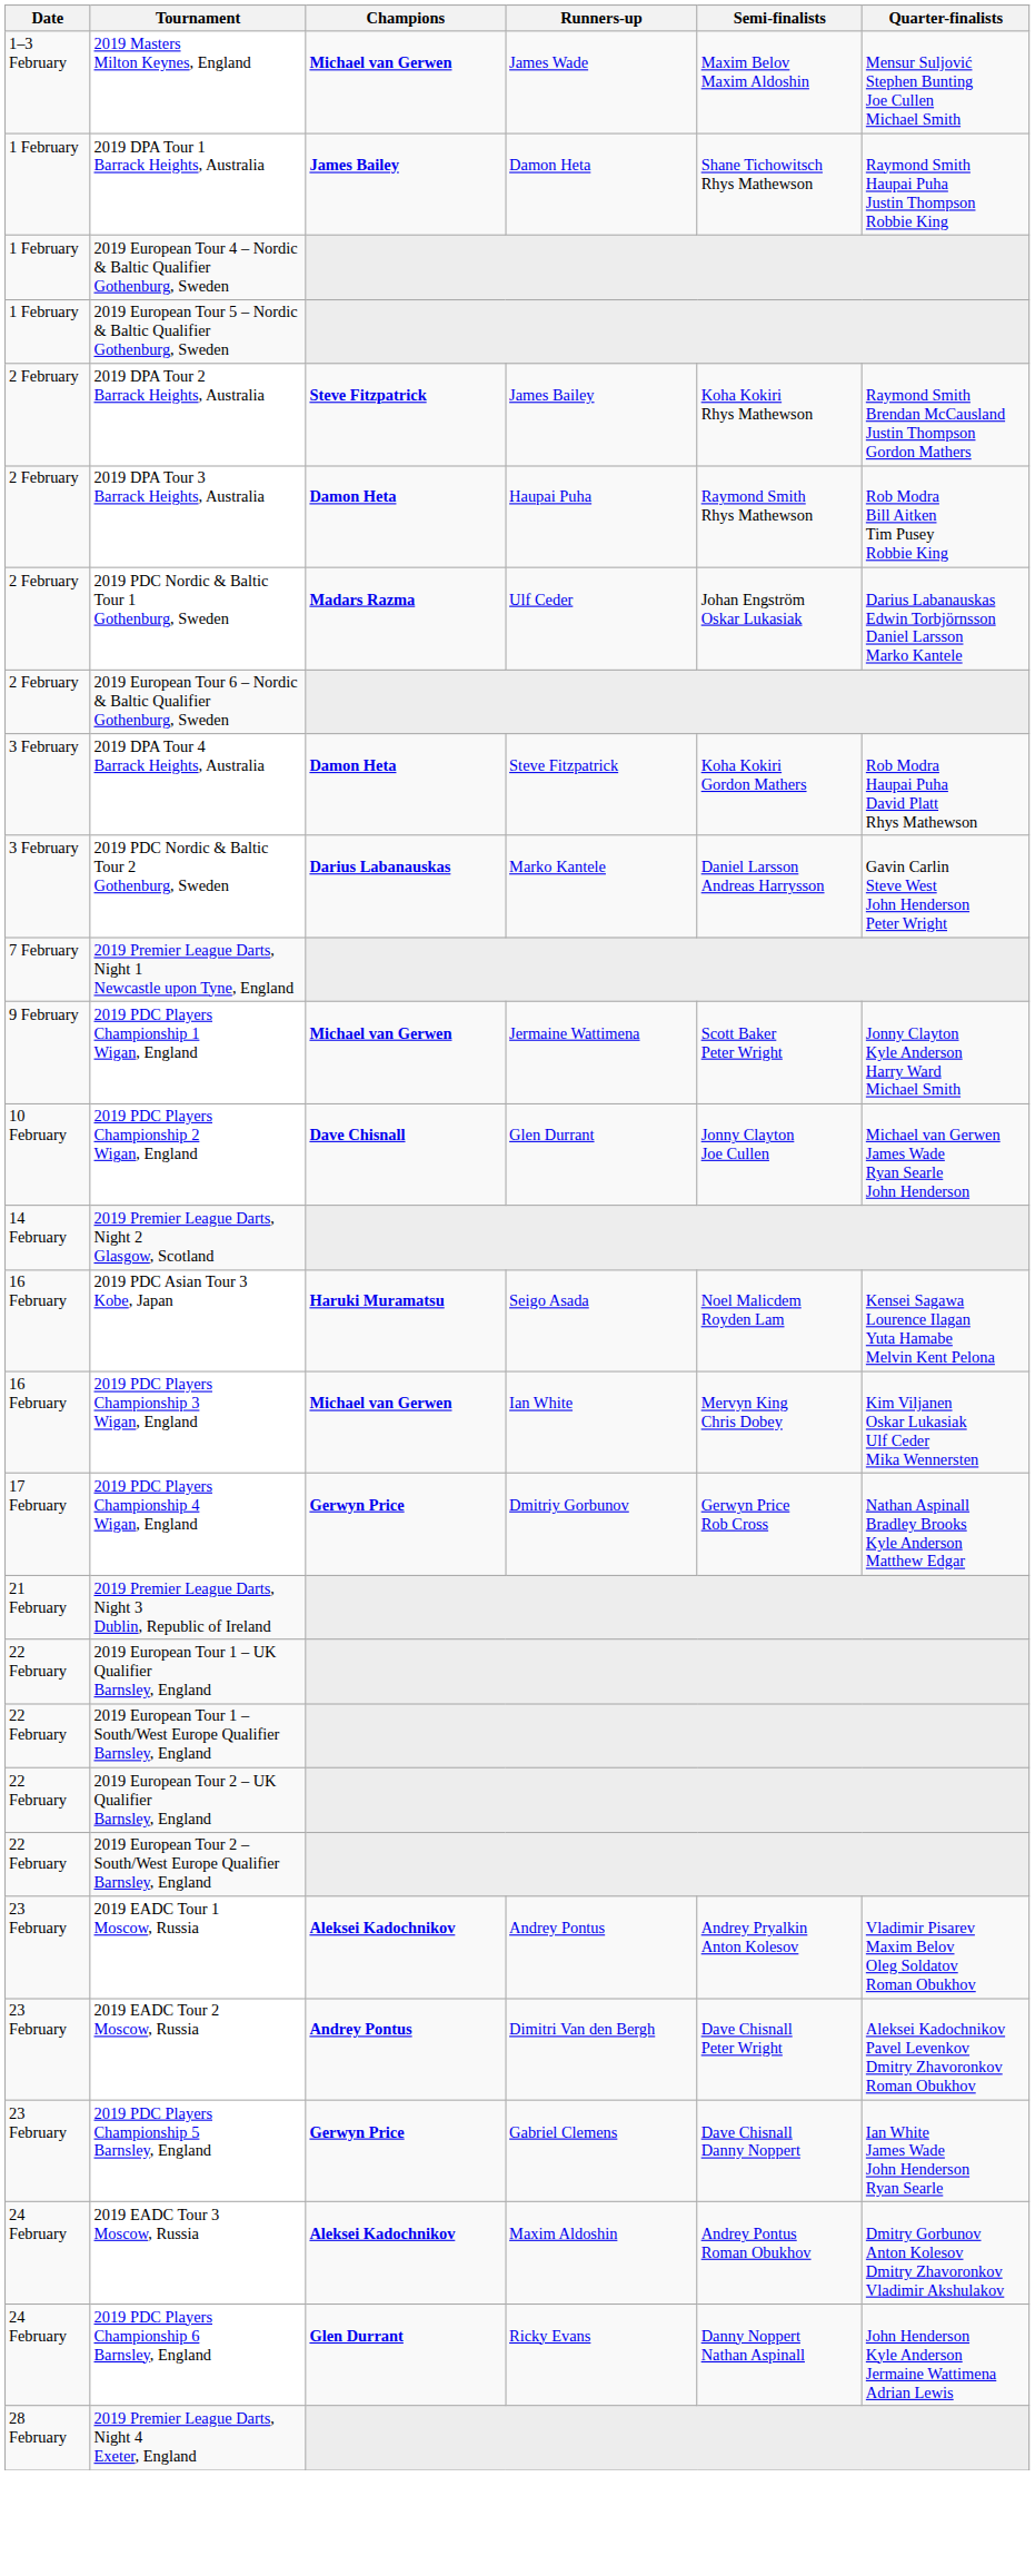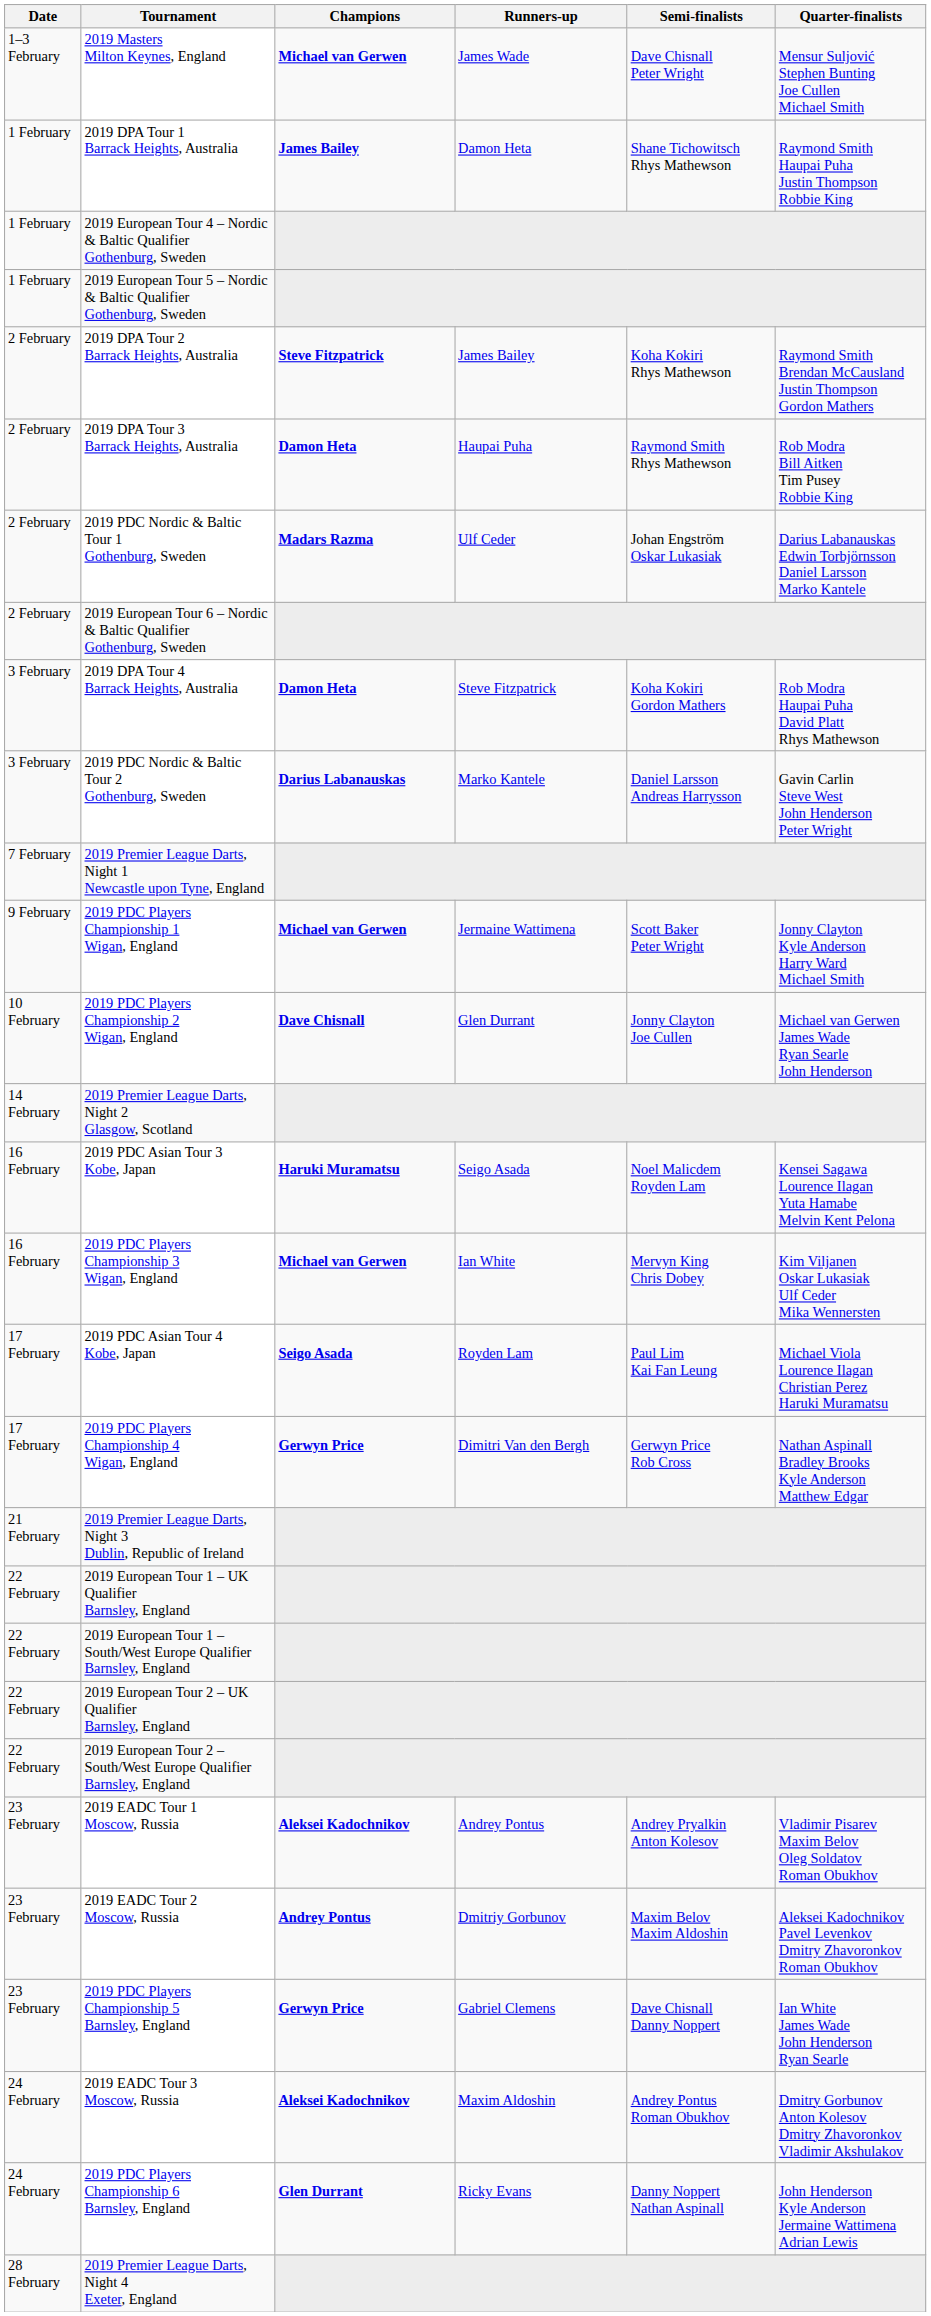 <table class=wikitable style=font-size:85%>
 <tr>
 <th width=75>Date</th>
 <th width=230>Tournament</th>
 <th width=210>Champions</th>
 <th width=210>Runners-up</th>
 <th width=170>Semi-finalists</th>
 <th width=170>Quarter-finalists</th>
 </tr>
 <tr valign="top">
 <td>1–3 February</td>
 <td bgcolor="#ffffff"><a href='#'>2019 Masters</a><br><a href='#'>Milton Keynes</a>, England</td>
 <td><br> <strong><a href='#'>Michael van Gerwen</a></strong></td>
 <td><br> <a href='#'>James Wade</a></td>
-<td><br> <a href='#'>Maxim Belov</a> <br>  <a href='#'>Maxim Aldoshin</a></td>
+<td><br> <a href='#'>Dave Chisnall</a> <br>  <a href='#'>Peter Wright</a></td>
 <td><br> <a href='#'>Mensur Suljović</a> <br>  <a href='#'>Stephen Bunting</a> <br>  <a href='#'>Joe Cullen</a> <br>  <a href='#'>Michael Smith</a></td>
 </tr>
 <tr valign="top">
 <td>1 February</td>
 <td bgcolor="#ffffff">2019 DPA Tour 1<br><a href='#'>Barrack Heights</a>, Australia</td>
 <td><br> <strong><a href='#'>James Bailey</a></strong></td>
 <td><br> <a href='#'>Damon Heta</a></td>
 <td><br> <a href='#'>Shane Tichowitsch</a> <br>  Rhys Mathewson</td>
 <td><br> <a href='#'>Raymond Smith</a> <br>  <a href='#'>Haupai Puha</a> <br>  <a href='#'>Justin Thompson</a> <br>  <a href='#'>Robbie King</a></td>
 </tr>
 <tr valign="top">
 <td rowspan=1>1 February</td>
 <td>2019 European Tour 4 – Nordic & Baltic Qualifier <br><a href='#'>Gothenburg</a>, Sweden</td>
 <td colspan=4 bgcolor="#ededed"></td>
 </tr>
 <tr valign="top">
 <td rowspan=1>1 February</td>
 <td>2019 European Tour 5 – Nordic & Baltic Qualifier <br><a href='#'>Gothenburg</a>, Sweden</td>
 <td colspan=4 bgcolor="#ededed"></td>
 </tr>
 <tr valign="top">
 <td>2 February</td>
 <td bgcolor="#ffffff">2019 DPA Tour 2<br><a href='#'>Barrack Heights</a>, Australia</td>
 <td><br> <strong><a href='#'>Steve Fitzpatrick</a></strong></td>
 <td><br> <a href='#'>James Bailey</a></td>
 <td><br> <a href='#'>Koha Kokiri</a> <br>  Rhys Mathewson</td>
 <td><br> <a href='#'>Raymond Smith</a> <br>  <a href='#'>Brendan McCausland</a> <br>  <a href='#'>Justin Thompson</a> <br>  <a href='#'>Gordon Mathers</a></td>
 </tr>
 <tr valign="top">
 <td>2 February</td>
 <td bgcolor="#ffffff">2019 DPA Tour 3<br><a href='#'>Barrack Heights</a>, Australia</td>
 <td><br> <strong><a href='#'>Damon Heta</a></strong></td>
 <td><br> <a href='#'>Haupai Puha</a></td>
 <td><br> <a href='#'>Raymond Smith</a> <br>  Rhys Mathewson</td>
 <td><br> <a href='#'>Rob Modra</a> <br>  <a href='#'>Bill Aitken</a> <br>  Tim Pusey <br>  <a href='#'>Robbie King</a></td>
 </tr>
 <tr valign="top">
 <td>2 February</td>
 <td bgcolor="#ffffff">2019 PDC Nordic & Baltic Tour 1<br><a href='#'>Gothenburg</a>, Sweden</td>
 <td><br> <strong><a href='#'>Madars Razma</a></strong></td>
 <td><br> <a href='#'>Ulf Ceder</a></td>
 <td><br> Johan Engström <br>  <a href='#'>Oskar Lukasiak</a></td>
 <td><br> <a href='#'>Darius Labanauskas</a> <br>  <a href='#'>Edwin Torbjörnsson</a> <br>  <a href='#'>Daniel Larsson</a> <br>  <a href='#'>Marko Kantele</a></td>
 </tr>
 <tr valign="top">
 <td rowspan=1>2 February</td>
 <td>2019 European Tour 6 – Nordic & Baltic Qualifier <br><a href='#'>Gothenburg</a>, Sweden</td>
 <td colspan=4 bgcolor="#ededed"></td>
 </tr>
 <tr valign="top">
 <td>3 February</td>
 <td bgcolor="#ffffff">2019 DPA Tour 4<br><a href='#'>Barrack Heights</a>, Australia</td>
 <td><br> <strong><a href='#'>Damon Heta</a></strong></td>
 <td><br> <a href='#'>Steve Fitzpatrick</a></td>
 <td><br> <a href='#'>Koha Kokiri</a> <br>  <a href='#'>Gordon Mathers</a></td>
 <td><br> <a href='#'>Rob Modra</a> <br>  <a href='#'>Haupai Puha</a> <br>  <a href='#'>David Platt</a> <br>  Rhys Mathewson</td>
 </tr>
 <tr valign="top">
 <td>3 February</td>
 <td bgcolor="#ffffff">2019 PDC Nordic & Baltic Tour 2<br><a href='#'>Gothenburg</a>, Sweden</td>
 <td><br> <strong><a href='#'>Darius Labanauskas</a></strong></td>
 <td><br> <a href='#'>Marko Kantele</a></td>
 <td><br> <a href='#'>Daniel Larsson</a> <br>  <a href='#'>Andreas Harrysson</a></td>
 <td><br> Gavin Carlin <br>  <a href='#'>Steve West</a> <br>  <a href='#'>John Henderson</a> <br>  <a href='#'>Peter Wright</a></td>
 </tr>
 <tr valign="top">
 <td rowspan=1>7 February</td>
 <td><a href='#'>2019 Premier League Darts</a>, Night 1 <br><a href='#'>Newcastle upon Tyne</a>, England</td>
 <td colspan=4 bgcolor="#ededed"></td>
 </tr>
 <tr valign="top">
 <td>9 February</td>
 <td bgcolor="#ffffff"><a href='#'>2019 PDC Players Championship 1</a><br><a href='#'>Wigan</a>, England</td>
 <td><br> <strong><a href='#'>Michael van Gerwen</a></strong></td>
 <td><br> <a href='#'>Jermaine Wattimena</a></td>
 <td><br> <a href='#'>Scott Baker</a> <br>  <a href='#'>Peter Wright</a></td>
 <td><br> <a href='#'>Jonny Clayton</a> <br>  <a href='#'>Kyle Anderson</a> <br>  <a href='#'>Harry Ward</a> <br>  <a href='#'>Michael Smith</a></td>
 </tr>
 <tr valign="top">
 <td>10 February</td>
 <td bgcolor="#ffffff"><a href='#'>2019 PDC Players Championship 2</a><br><a href='#'>Wigan</a>, England</td>
 <td><br> <strong><a href='#'>Dave Chisnall</a></strong></td>
 <td><br> <a href='#'>Glen Durrant</a></td>
 <td><br> <a href='#'>Jonny Clayton</a> <br>  <a href='#'>Joe Cullen</a></td>
 <td><br> <a href='#'>Michael van Gerwen</a> <br>  <a href='#'>James Wade</a> <br>  <a href='#'>Ryan Searle</a> <br>  <a href='#'>John Henderson</a></td>
 </tr>
 <tr valign="top">
 <td rowspan=1>14 February</td>
 <td><a href='#'>2019 Premier League Darts</a>, Night 2 <br><a href='#'>Glasgow</a>, Scotland</td>
 <td colspan=4 bgcolor="#ededed"></td>
 </tr>
 <tr valign="top">
 <td>16 February</td>
 <td bgcolor="#ffffff">2019 PDC Asian Tour 3<br><a href='#'>Kobe</a>, Japan</td>
 <td><br> <strong><a href='#'>Haruki Muramatsu</a></strong></td>
 <td><br> <a href='#'>Seigo Asada</a></td>
 <td><br> <a href='#'>Noel Malicdem</a> <br>   <a href='#'>Royden Lam</a></td>
 <td><br> <a href='#'>Kensei Sagawa</a> <br>  <a href='#'>Lourence Ilagan</a> <br>  <a href='#'>Yuta Hamabe</a> <br>  <a href='#'>Melvin Kent Pelona</a></td>
 </tr>
 <tr valign="top">
 <td>16 February</td>
 <td bgcolor="#ffffff"><a href='#'>2019 PDC Players Championship 3</a><br><a href='#'>Wigan</a>, England</td>
 <td><br> <strong><a href='#'>Michael van Gerwen</a></strong></td>
 <td><br> <a href='#'>Ian White</a></td>
 <td><br> <a href='#'>Mervyn King</a> <br>  <a href='#'>Chris Dobey</a></td>
 <td><br> <a href='#'>Kim Viljanen</a> <br>  <a href='#'>Oskar Lukasiak</a> <br>  <a href='#'>Ulf Ceder</a> <br>  <a href='#'>Mika Wennersten</a></td>
 </tr>
 <tr valign="top">
 <td>17 February</td>
+<td bgcolor="#ffffff">2019 PDC Asian Tour 4<br><a href='#'>Kobe</a>, Japan</td>
+<td><br> <strong><a href='#'>Seigo Asada</a></strong></td>
+<td><br> <a href='#'>Royden Lam</a></td>
+<td><br> <a href='#'>Paul Lim</a> <br>  <a href='#'>Kai Fan Leung</a></td>
+<td><br> <a href='#'>Michael Viola</a> <br>  <a href='#'>Lourence Ilagan</a> <br>  <a href='#'>Christian Perez</a> <br>  <a href='#'>Haruki Muramatsu</a></td>
+</tr>
+<tr valign="top">
+<td>17 February</td>
 <td bgcolor="#ffffff"><a href='#'>2019 PDC Players Championship 4</a><br><a href='#'>Wigan</a>, England</td>
 <td><br> <strong><a href='#'>Gerwyn Price</a></strong></td>
-<td><br> <a href='#'>Dmitriy Gorbunov</a></td>
+<td><br> <a href='#'>Dimitri Van den Bergh</a></td>
 <td><br> <a href='#'>Gerwyn Price</a> <br>  <a href='#'>Rob Cross</a></td>
 <td><br> <a href='#'>Nathan Aspinall</a> <br>  <a href='#'>Bradley Brooks</a> <br>  <a href='#'>Kyle Anderson</a> <br>  <a href='#'>Matthew Edgar</a></td>
 </tr>
 <tr valign="top">
 <td rowspan=1>21 February</td>
 <td><a href='#'>2019 Premier League Darts</a>, Night 3 <br><a href='#'>Dublin</a>, Republic of Ireland</td>
 <td colspan=4 bgcolor="#ededed"></td>
 </tr>
 <tr valign="top">
 <td rowspan=1>22 February</td>
 <td>2019 European Tour 1 – UK Qualifier <br><a href='#'>Barnsley</a>, England</td>
 <td colspan=4 bgcolor="#ededed"></td>
 </tr>
 <tr valign="top">
 <td rowspan=1>22 February</td>
 <td>2019 European Tour 1 – South/West Europe Qualifier <br><a href='#'>Barnsley</a>, England</td>
 <td colspan=4 bgcolor="#ededed"></td>
 </tr>
 <tr valign="top">
 <td rowspan=1>22 February</td>
 <td>2019 European Tour 2 – UK Qualifier <br><a href='#'>Barnsley</a>, England</td>
 <td colspan=4 bgcolor="#ededed"></td>
 </tr>
 <tr valign="top">
 <td rowspan=1>22 February</td>
 <td>2019 European Tour 2 – South/West Europe Qualifier <br><a href='#'>Barnsley</a>, England</td>
 <td colspan=4 bgcolor="#ededed"></td>
 </tr>
 <tr valign="top">
 <td>23 February</td>
 <td bgcolor="#ffffff">2019 EADC Tour 1<br><a href='#'>Moscow</a>, Russia</td>
 <td><br> <strong><a href='#'>Aleksei Kadochnikov</a></strong></td>
 <td><br> <a href='#'>Andrey Pontus</a></td>
 <td><br> <a href='#'>Andrey Pryalkin</a> <br>  <a href='#'>Anton Kolesov</a></td>
 <td><br> <a href='#'>Vladimir Pisarev</a> <br>  <a href='#'>Maxim Belov</a> <br>  <a href='#'>Oleg Soldatov</a> <br>  <a href='#'>Roman Obukhov</a></td>
 </tr>
 <tr valign="top">
 <td>23 February</td>
 <td bgcolor="#ffffff">2019 EADC Tour 2<br><a href='#'>Moscow</a>, Russia</td>
 <td><br> <strong><a href='#'>Andrey Pontus</a></strong></td>
-<td><br> <a href='#'>Dimitri Van den Bergh</a></td>
-<td><br> <a href='#'>Dave Chisnall</a> <br>  <a href='#'>Peter Wright</a></td>
+<td><br> <a href='#'>Dmitriy Gorbunov</a></td>
+<td><br> <a href='#'>Maxim Belov</a> <br>  <a href='#'>Maxim Aldoshin</a></td>
 <td><br> <a href='#'>Aleksei Kadochnikov</a> <br>  <a href='#'>Pavel Levenkov</a> <br>  <a href='#'>Dmitry Zhavoronkov</a> <br>  <a href='#'>Roman Obukhov</a></td>
 </tr>
 <tr valign="top">
 <td>23 February</td>
 <td bgcolor="#ffffff"><a href='#'>2019 PDC Players Championship 5</a><br><a href='#'>Barnsley</a>, England</td>
 <td><br> <strong><a href='#'>Gerwyn Price</a></strong></td>
 <td><br> <a href='#'>Gabriel Clemens</a></td>
 <td><br> <a href='#'>Dave Chisnall</a> <br>  <a href='#'>Danny Noppert</a></td>
 <td><br> <a href='#'>Ian White</a> <br>  <a href='#'>James Wade</a> <br>  <a href='#'>John Henderson</a> <br>  <a href='#'>Ryan Searle</a></td>
 </tr>
 <tr valign="top">
 <td>24 February</td>
 <td bgcolor="#ffffff">2019 EADC Tour 3<br><a href='#'>Moscow</a>, Russia</td>
 <td><br> <strong><a href='#'>Aleksei Kadochnikov</a></strong></td>
 <td><br> <a href='#'>Maxim Aldoshin</a></td>
 <td><br> <a href='#'>Andrey Pontus</a> <br>  <a href='#'>Roman Obukhov</a></td>
 <td><br> <a href='#'>Dmitry Gorbunov</a> <br>  <a href='#'>Anton Kolesov</a> <br>  <a href='#'>Dmitry Zhavoronkov</a> <br>  <a href='#'>Vladimir Akshulakov</a></td>
 </tr>
 <tr valign="top">
 <td>24 February</td>
 <td bgcolor="#ffffff"><a href='#'>2019 PDC Players Championship 6</a><br><a href='#'>Barnsley</a>, England</td>
 <td><br> <strong><a href='#'>Glen Durrant</a></strong></td>
 <td><br> <a href='#'>Ricky Evans</a></td>
 <td><br> <a href='#'>Danny Noppert</a> <br>  <a href='#'>Nathan Aspinall</a></td>
 <td><br> <a href='#'>John Henderson</a> <br>  <a href='#'>Kyle Anderson</a> <br>  <a href='#'>Jermaine Wattimena</a> <br>  <a href='#'>Adrian Lewis</a></td>
 </tr>
 <tr valign="top">
 <td rowspan=1>28 February</td>
 <td><a href='#'>2019 Premier League Darts</a>, Night 4 <br><a href='#'>Exeter</a>, England</td>
 <td colspan=4 bgcolor="#ededed"></td>
 </tr>
 </table>
